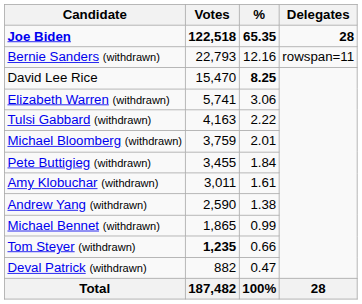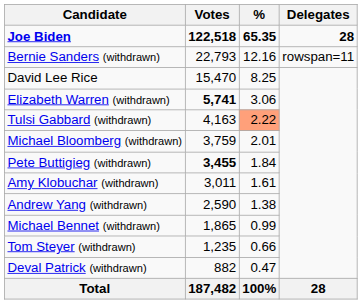 <table class="wikitable sortable" style="text-align:right;">
 <tr>
 <th>Candidate</th>
 <th>Votes</th>
 <th>%</th>
 <th>Delegates</th>
 </tr>
 <tr>
 <td style="text-align:left;" data-sort-value="Biden, Joe"><strong><a href='#'>Joe Biden</a></strong></td>
 <td><strong>122,518</strong></td>
 <td><strong>65.35</strong></td>
 <td><strong>28</strong></td>
 </tr>
 <tr>
 <td style="text-align:left;" data-sort-value="Sanders, Bernie"><a href='#'>Bernie Sanders</a> <small>(withdrawn)</small></td>
 <td>22,793</td>
 <td>12.16</td>
 <td>rowspan=11 </td>
 </tr>
 <tr>
 <td style="text-align:left;" data-sort-value="Rice, David Lee">David Lee Rice</td>
 <td>15,470</td>
-<td><strong>8.25</strong></td>
+<td>8.25</td>
 </tr>
 <tr>
 <td style="text-align:left;" data-sort-value="Warren, Elizabeth"><a href='#'>Elizabeth Warren</a> <small>(withdrawn)</small></td>
-<td>5,741</td>
+<td><strong>5,741</strong></td>
 <td>3.06</td>
 </tr>
 <tr>
 <td style="text-align:left;" data-sort-value="Gabbard, Tulsi"><a href='#'>Tulsi Gabbard</a> <small>(withdrawn)</small></td>
 <td>4,163</td>
-<td>2.22</td>
+<td style="background: lightsalmon;">2.22</td>
 </tr>
 <tr>
 <td style="text-align:left;" data-sort-value="Bloomberg, Michael"><a href='#'>Michael Bloomberg</a> <small>(withdrawn)</small></td>
 <td>3,759</td>
 <td>2.01</td>
 </tr>
 <tr>
 <td style="text-align:left;" data-sort-value="Buttigieg, Pete"><a href='#'>Pete Buttigieg</a> <small>(withdrawn)</small></td>
-<td>3,455</td>
+<td><strong>3,455</strong></td>
 <td>1.84</td>
 </tr>
 <tr>
 <td style="text-align:left;" data-sort-value="Klobuchar, Amy"><a href='#'>Amy Klobuchar</a> <small>(withdrawn)</small></td>
 <td>3,011</td>
 <td>1.61</td>
 </tr>
 <tr>
 <td style="text-align:left;" data-sort-value="Yang, Andrew"><a href='#'>Andrew Yang</a> <small>(withdrawn)</small></td>
 <td>2,590</td>
 <td>1.38</td>
 </tr>
 <tr>
 <td style="text-align:left;" data-sort-value="Bennet, Michael"><a href='#'>Michael Bennet</a> <small>(withdrawn)</small></td>
 <td>1,865</td>
 <td>0.99</td>
 </tr>
 <tr>
 <td style="text-align:left;" data-sort-value="Steyer, Tom"><a href='#'>Tom Steyer</a> <small>(withdrawn)</small></td>
-<td><strong>1,235</strong></td>
+<td>1,235</td>
 <td>0.66</td>
 </tr>
 <tr>
 <td style="text-align:left;" data-sort-value="Patrick, Deval"><a href='#'>Deval Patrick</a> <small>(withdrawn)</small></td>
 <td>882</td>
 <td>0.47</td>
 </tr>
 <tr>
 <th>Total</th>
 <th>187,482</th>
 <th>100%</th>
 <th>28</th>
 </tr>
 </table>
